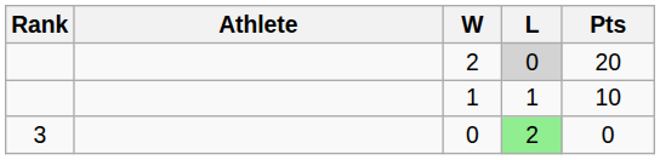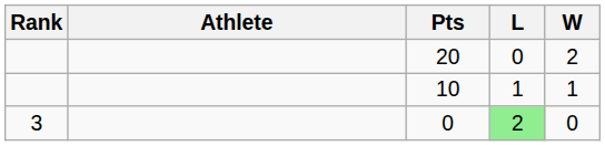 <table class="wikitable" style="text-align: center; font-size:90% ">
 <tr>
 <th width="20">Rank</th>
 <th width="220">Athlete</th>
+<th width="50">Pts</th>
+<th width="30">L</th>
 <th width="30">W</th>
-<th width="30">L</th>
-<th width="50">Pts</th>
 </tr>
 <tr>
 <td></td>
 <td align=left><strong></strong></td>
+<td>20</td>
+<td>0</td>
 <td>2</td>
-<td style="background: lightgrey;">0</td>
-<td>20</td>
 </tr>
 <tr>
 <td></td>
 <td align=left><strong></strong></td>
+<td>10</td>
 <td>1</td>
 <td>1</td>
-<td>10</td>
 </tr>
 <tr>
 <td>3</td>
 <td align=left></td>
 <td>0</td>
 <td style="background: lightgreen;">2</td>
 <td>0</td>
 </tr>
 </table>
